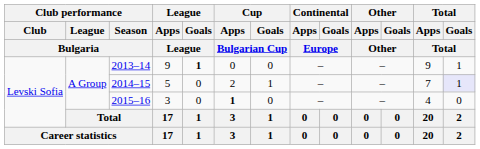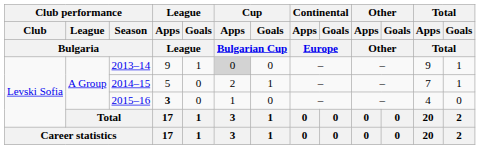 <table class="wikitable" style="text-align: center">
 <tr>
 <th Colspan="3">Club performance</th>
 <th Colspan="2">League</th>
 <th Colspan="2">Cup</th>
 <th Colspan="2">Continental</th>
 <th Colspan="2">Other</th>
 <th Colspan="3">Total</th>
 </tr>
 <tr>
 <th>Club</th>
 <th>League</th>
 <th>Season</th>
 <th>Apps</th>
 <th>Goals</th>
 <th>Apps</th>
 <th>Goals</th>
 <th>Apps</th>
 <th>Goals</th>
 <th>Apps</th>
 <th>Goals</th>
 <th>Apps</th>
 <th>Goals</th>
 </tr>
 <tr>
 <th Colspan="3">Bulgaria</th>
 <th Colspan="2">League</th>
 <th Colspan="2"><a href='#'>Bulgarian Cup</a></th>
 <th Colspan="2"><a href='#'>Europe</a></th>
 <th Colspan="2">Other</th>
 <th Colspan="2">Total</th>
 </tr>
 <tr>
 <td rowspan="4"><a href='#'>Levski Sofia</a></td>
 <td rowspan="3"><a href='#'>A Group</a></td>
 <td><a href='#'>2013–14</a></td>
 <td>9</td>
-<td><strong>1</strong></td>
-<td>0</td>
+<td>1</td>
+<td style="background: lightgrey;">0</td>
 <td>0</td>
 <td colspan="2">–</td>
 <td colspan="2">–</td>
 <td>9</td>
 <td>1</td>
 </tr>
 <tr>
 <td><a href='#'>2014–15</a></td>
 <td>5</td>
 <td>0</td>
 <td>2</td>
 <td>1</td>
 <td colspan="2">–</td>
 <td colspan="2">–</td>
 <td>7</td>
-<td style="background: lavender;">1</td>
+<td>1</td>
 </tr>
 <tr>
 <td><a href='#'>2015–16</a></td>
-<td>3</td>
+<td><strong>3</strong></td>
 <td>0</td>
-<td><strong>1</strong></td>
+<td>1</td>
 <td>0</td>
 <td colspan="2">–</td>
 <td colspan="2">–</td>
 <td>4</td>
 <td>0</td>
 </tr>
 <tr>
 <th colspan=2>Total</th>
 <th>17</th>
 <th>1</th>
 <th>3</th>
 <th>1</th>
 <th>0</th>
 <th>0</th>
 <th>0</th>
 <th>0</th>
 <th>20</th>
 <th>2</th>
 </tr>
 <tr>
 <th colspan="3">Career statistics</th>
 <th>17</th>
 <th>1</th>
 <th>3</th>
 <th>1</th>
 <th>0</th>
 <th>0</th>
 <th>0</th>
 <th>0</th>
 <th>20</th>
 <th>2</th>
 </tr>
 </table>
